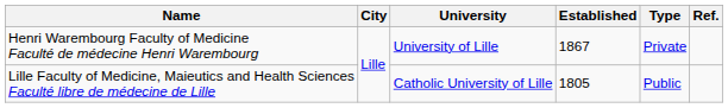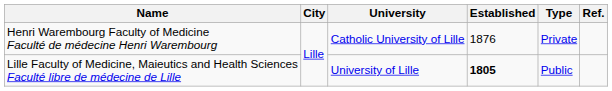 <table class="wikitable">
 <tr>
 <th>Name</th>
 <th>City</th>
 <th>University</th>
 <th>Established</th>
 <th>Type</th>
 <th>Ref.</th>
 </tr>
 <tr>
 <td>Henri Warembourg Faculty of Medicine<br><em>Faculté de médecine Henri Warembourg</em></td>
 <td rowspan="2"><a href='#'>Lille</a></td>
-<td><a href='#'>University of Lille</a></td>
-<td>1867</td>
+<td><a href='#'>Catholic University of Lille</a></td>
+<td>1876</td>
 <td><a href='#'>Private</a></td>
 <td></td>
 </tr>
 <tr>
 <td>Lille Faculty of Medicine, Maieutics and Health Sciences<br><em><a href='#'>Faculté libre de médecine de Lille</a></em></td>
-<td><a href='#'>Catholic University of Lille</a></td>
-<td>1805</td>
+<td><a href='#'>University of Lille</a></td>
+<td><strong>1805</strong></td>
 <td><a href='#'>Public</a></td>
 <td></td>
 </tr>
 </table>
